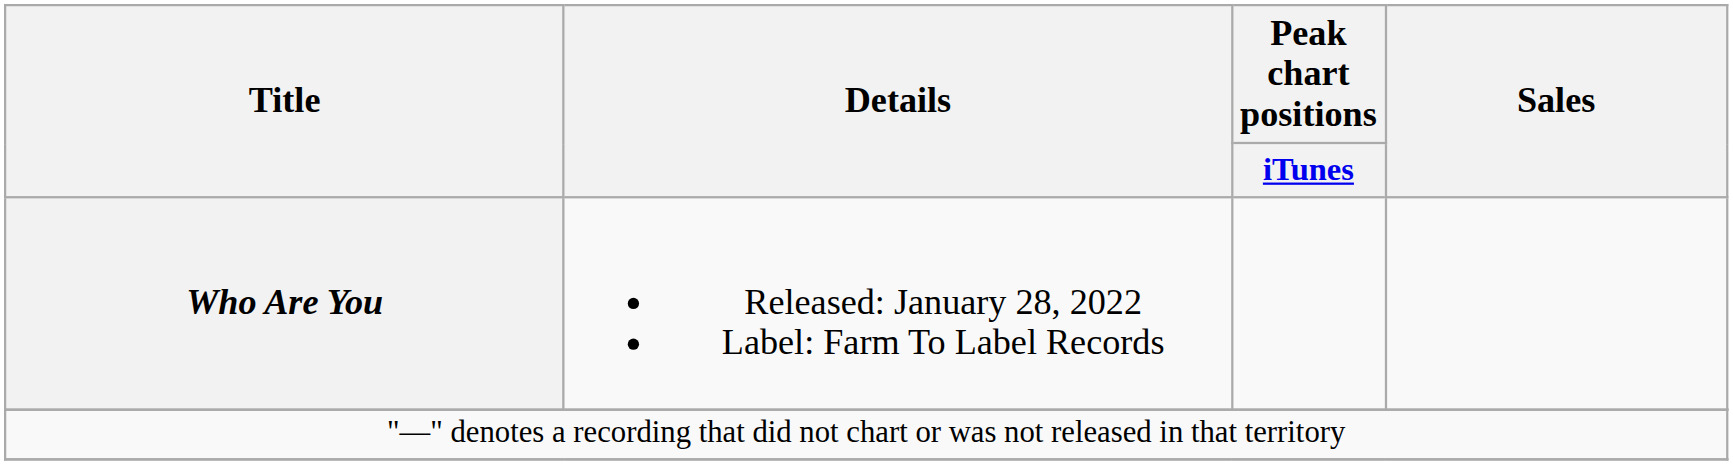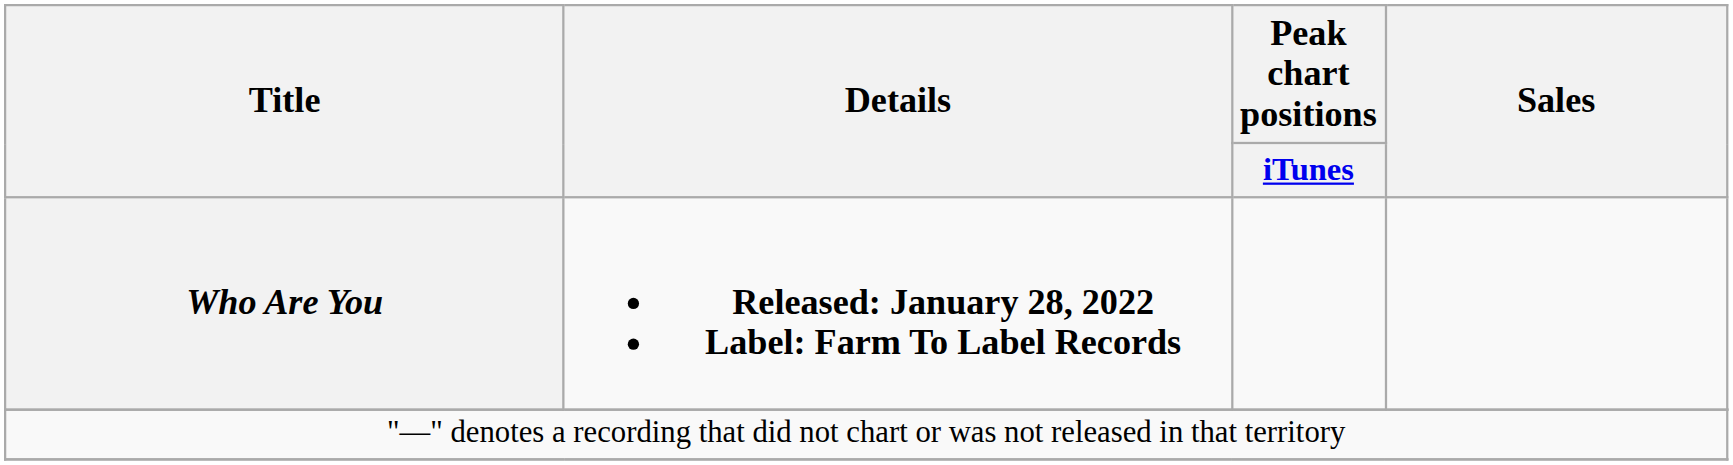 <table class="wikitable plainrowheaders" style="text-align:center;">
 <tr>
 <th rowspan="2" style="width:15em;">Title</th>
 <th rowspan="2" style="width:18em;">Details</th>
 <th scope="col" colspan="1">Peak chart positions</th>
 <th rowspan="2" style="width:9em;">Sales</th>
 </tr>
 <tr>
 <th scope="col" style="width:3em;font-size:90%;"><a href='#'>iTunes</a></th>
 </tr>
 <tr>
 <th scope="row"><em>Who Are You</em></th>
-<td><br><ul><li>Released: January 28, 2022</li><li>Label: Farm To Label Records</li></ul></td>
+<td><strong><br><ul><li>Released: January 28, 2022</li><li>Label: Farm To Label Records</li></ul></strong></td>
 <td></td>
 <td></td>
 </tr>
 <tr>
 </tr>
 <tr>
 <td colspan="4" style="font-size:85%">"—" denotes a recording that did not chart or was not released in that territory</td>
 </tr>
 <tr>
 </tr>
 </table>
